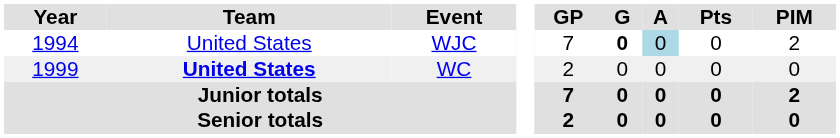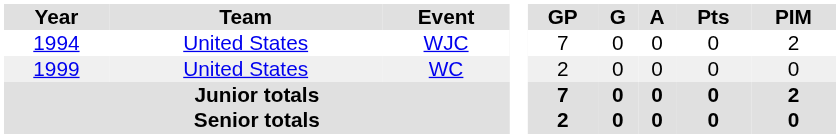 <table border="0" cellpadding="1" cellspacing="0" style="text-align:center; width:40em">
 <tr ALIGN="center" bgcolor="#e0e0e0">
 <th>Year</th>
 <th>Team</th>
 <th>Event</th>
 <th rowspan="99" bgcolor="#ffffff"> </th>
 <th>GP</th>
 <th>G</th>
 <th>A</th>
 <th>Pts</th>
 <th>PIM</th>
 </tr>
 <tr>
 <td><a href='#'>1994</a></td>
 <td><a href='#'>United States</a></td>
 <td><a href='#'>WJC</a></td>
 <td>7</td>
-<td><strong>0</strong></td>
-<td style="background: lightblue;">0</td>
+<td>0</td>
+<td>0</td>
 <td>0</td>
 <td>2</td>
 </tr>
 <tr bgcolor="#f0f0f0">
 <td><a href='#'>1999</a></td>
-<td><strong><a href='#'>United States</a></strong></td>
+<td><a href='#'>United States</a></td>
 <td><a href='#'>WC</a></td>
 <td>2</td>
 <td>0</td>
 <td>0</td>
 <td>0</td>
 <td>0</td>
 </tr>
 <tr bgcolor="#e0e0e0">
 <th colspan="3">Junior totals</th>
 <th>7</th>
 <th>0</th>
 <th>0</th>
 <th>0</th>
 <th>2</th>
 </tr>
 <tr bgcolor="#e0e0e0">
 <th colspan="3">Senior totals</th>
 <th>2</th>
 <th>0</th>
 <th>0</th>
 <th>0</th>
 <th>0</th>
 </tr>
 </table>
